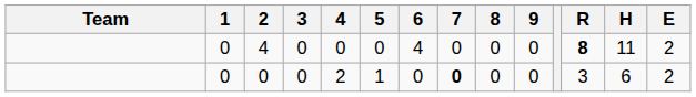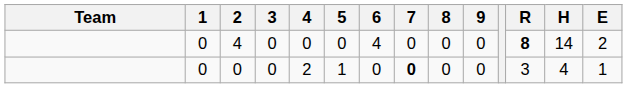 <table border=1 cellspacing=0 width=600 style="margin-left:3em;" class="wikitable">
 <tr style="text-align:center; background-color:#e6e6e6;">
 <th align=left width=28%>Team</th>
 <th width=5.4%>1</th>
 <th width=5.4%>2</th>
 <th width=5.4%>3</th>
 <th width=5.4%>4</th>
 <th width=5.4%>5</th>
 <th width=5.4%>6</th>
 <th width=5.4%>7</th>
 <th width=5.4%>8</th>
 <th width=5.4%>9</th>
 <th rowspan="3" width=0.5%></th>
 <th width=6%>R</th>
 <th width=6%>H</th>
 <th width=6%>E</th>
 </tr>
 <tr style="text-align:center;">
 <td align=left></td>
 <td>0</td>
 <td>4</td>
 <td>0</td>
 <td>0</td>
 <td>0</td>
 <td>4</td>
 <td>0</td>
 <td>0</td>
 <td>0</td>
 <td><strong>8</strong></td>
-<td>11</td>
+<td>14</td>
 <td>2</td>
 </tr>
 <tr style="text-align:center;">
 <td align=left></td>
 <td>0</td>
 <td>0</td>
 <td>0</td>
 <td>2</td>
 <td>1</td>
 <td>0</td>
 <td><strong>0</strong></td>
 <td>0</td>
 <td>0</td>
 <td>3</td>
-<td>6</td>
-<td>2</td>
+<td>4</td>
+<td>1</td>
 </tr>
 </table>
